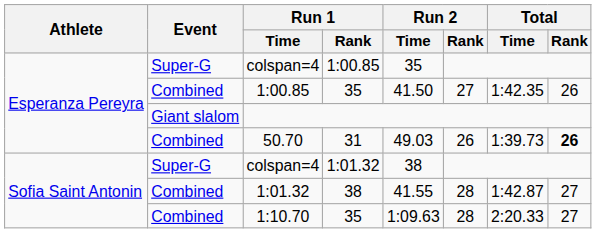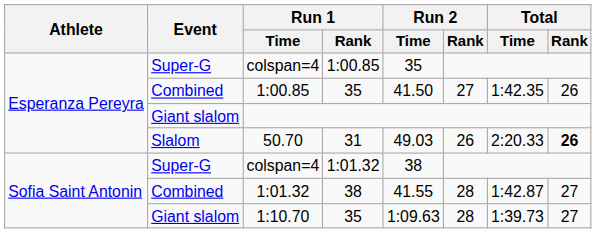 <table class="wikitable" style="font-size:90%">
 <tr>
 <th rowspan=2>Athlete</th>
 <th rowspan=2>Event</th>
 <th colspan=2>Run 1</th>
 <th colspan=2>Run 2</th>
 <th colspan=2>Total</th>
 </tr>
 <tr style="font-size:95%">
 <th>Time</th>
 <th>Rank</th>
 <th>Time</th>
 <th>Rank</th>
 <th>Time</th>
 <th>Rank</th>
 </tr>
 <tr align=center>
 <td align="left" rowspan="4"><a href='#'>Esperanza Pereyra</a><br></td>
 <td align="left"><a href='#'>Super-G</a></td>
 <td>colspan=4</td>
 <td>1:00.85</td>
 <td>35</td>
 </tr>
 <tr align=center>
 <td align="left"><a href='#'>Combined</a></td>
 <td>1:00.85</td>
 <td>35</td>
 <td>41.50</td>
 <td>27</td>
 <td>1:42.35</td>
 <td>26</td>
 </tr>
 <tr align=center>
 <td align="left"><a href='#'>Giant slalom</a></td>
 <td colspan=6></td>
 </tr>
 <tr align=center>
-<td align="left"><a href='#'>Combined</a></td>
+<td align="left"><a href='#'>Slalom</a></td>
 <td>50.70</td>
 <td>31</td>
 <td>49.03</td>
 <td>26</td>
-<td>1:39.73</td>
+<td>2:20.33</td>
 <td><strong>26</strong></td>
 </tr>
 <tr align=center>
 <td align="left" rowspan="3"><a href='#'>Sofia Saint Antonin</a><br></td>
 <td align="left"><a href='#'>Super-G</a></td>
 <td>colspan=4</td>
 <td>1:01.32</td>
 <td>38</td>
 </tr>
 <tr align=center>
 <td align="left"><a href='#'>Combined</a></td>
 <td>1:01.32</td>
 <td>38</td>
 <td>41.55</td>
 <td>28</td>
 <td>1:42.87</td>
 <td>27</td>
 </tr>
 <tr align=center>
-<td align="left"><a href='#'>Combined</a></td>
+<td align="left"><a href='#'>Giant slalom</a></td>
 <td>1:10.70</td>
 <td>35</td>
 <td>1:09.63</td>
 <td>28</td>
-<td>2:20.33</td>
+<td>1:39.73</td>
 <td>27</td>
 </tr>
 </table>
